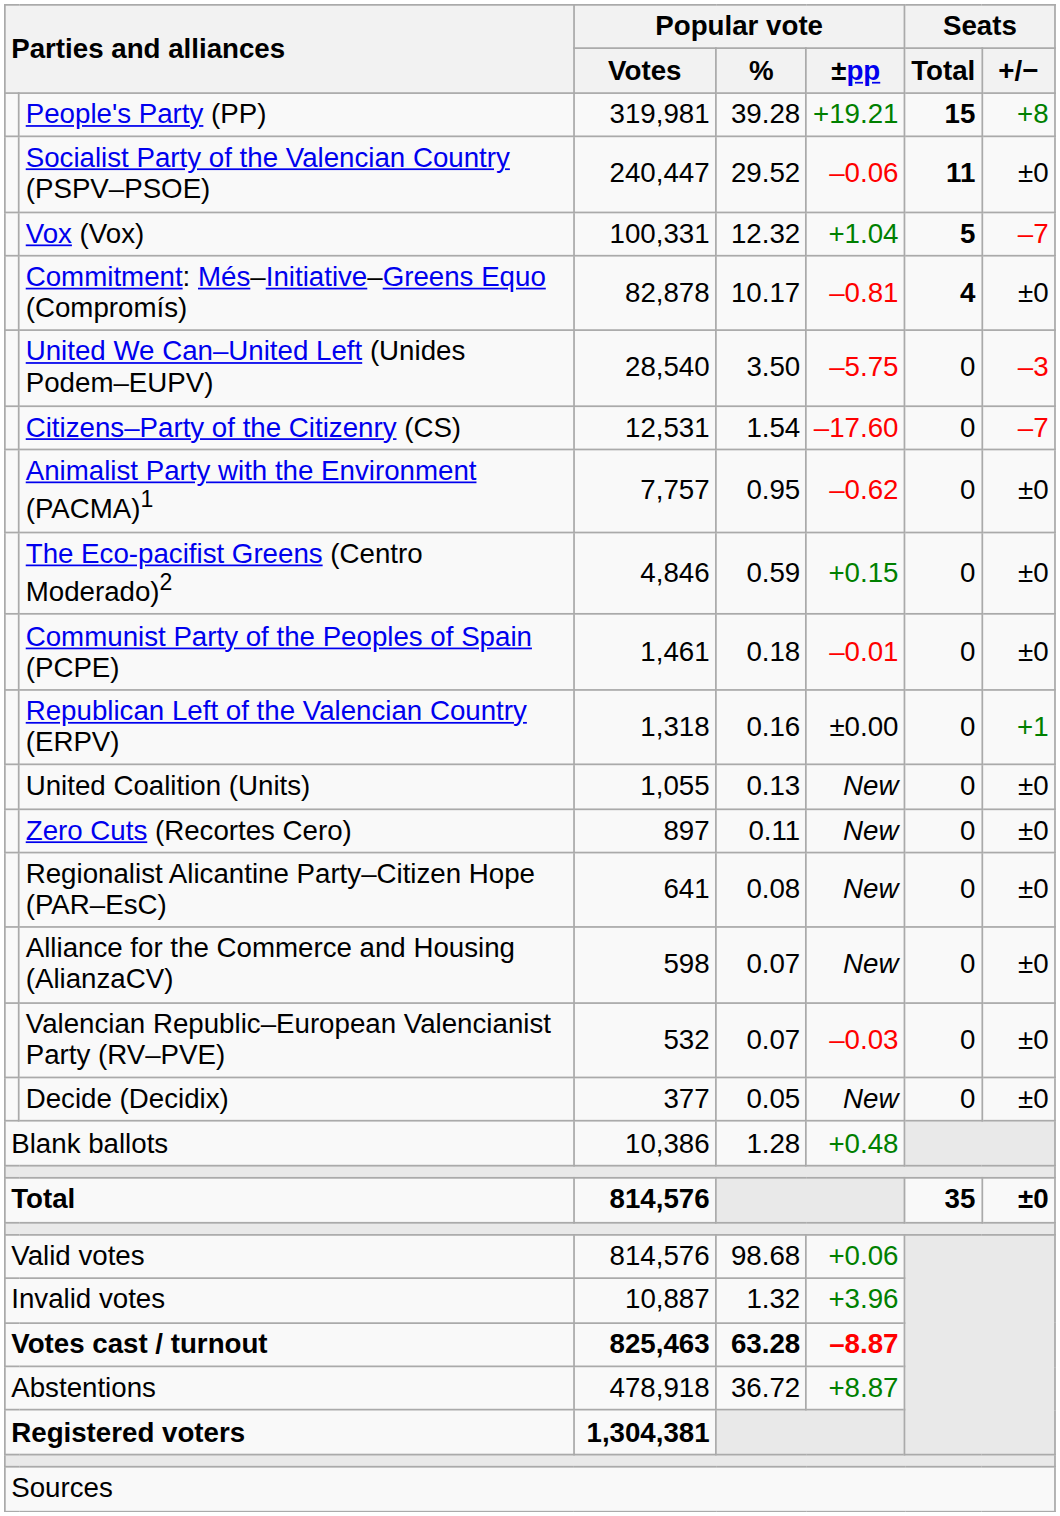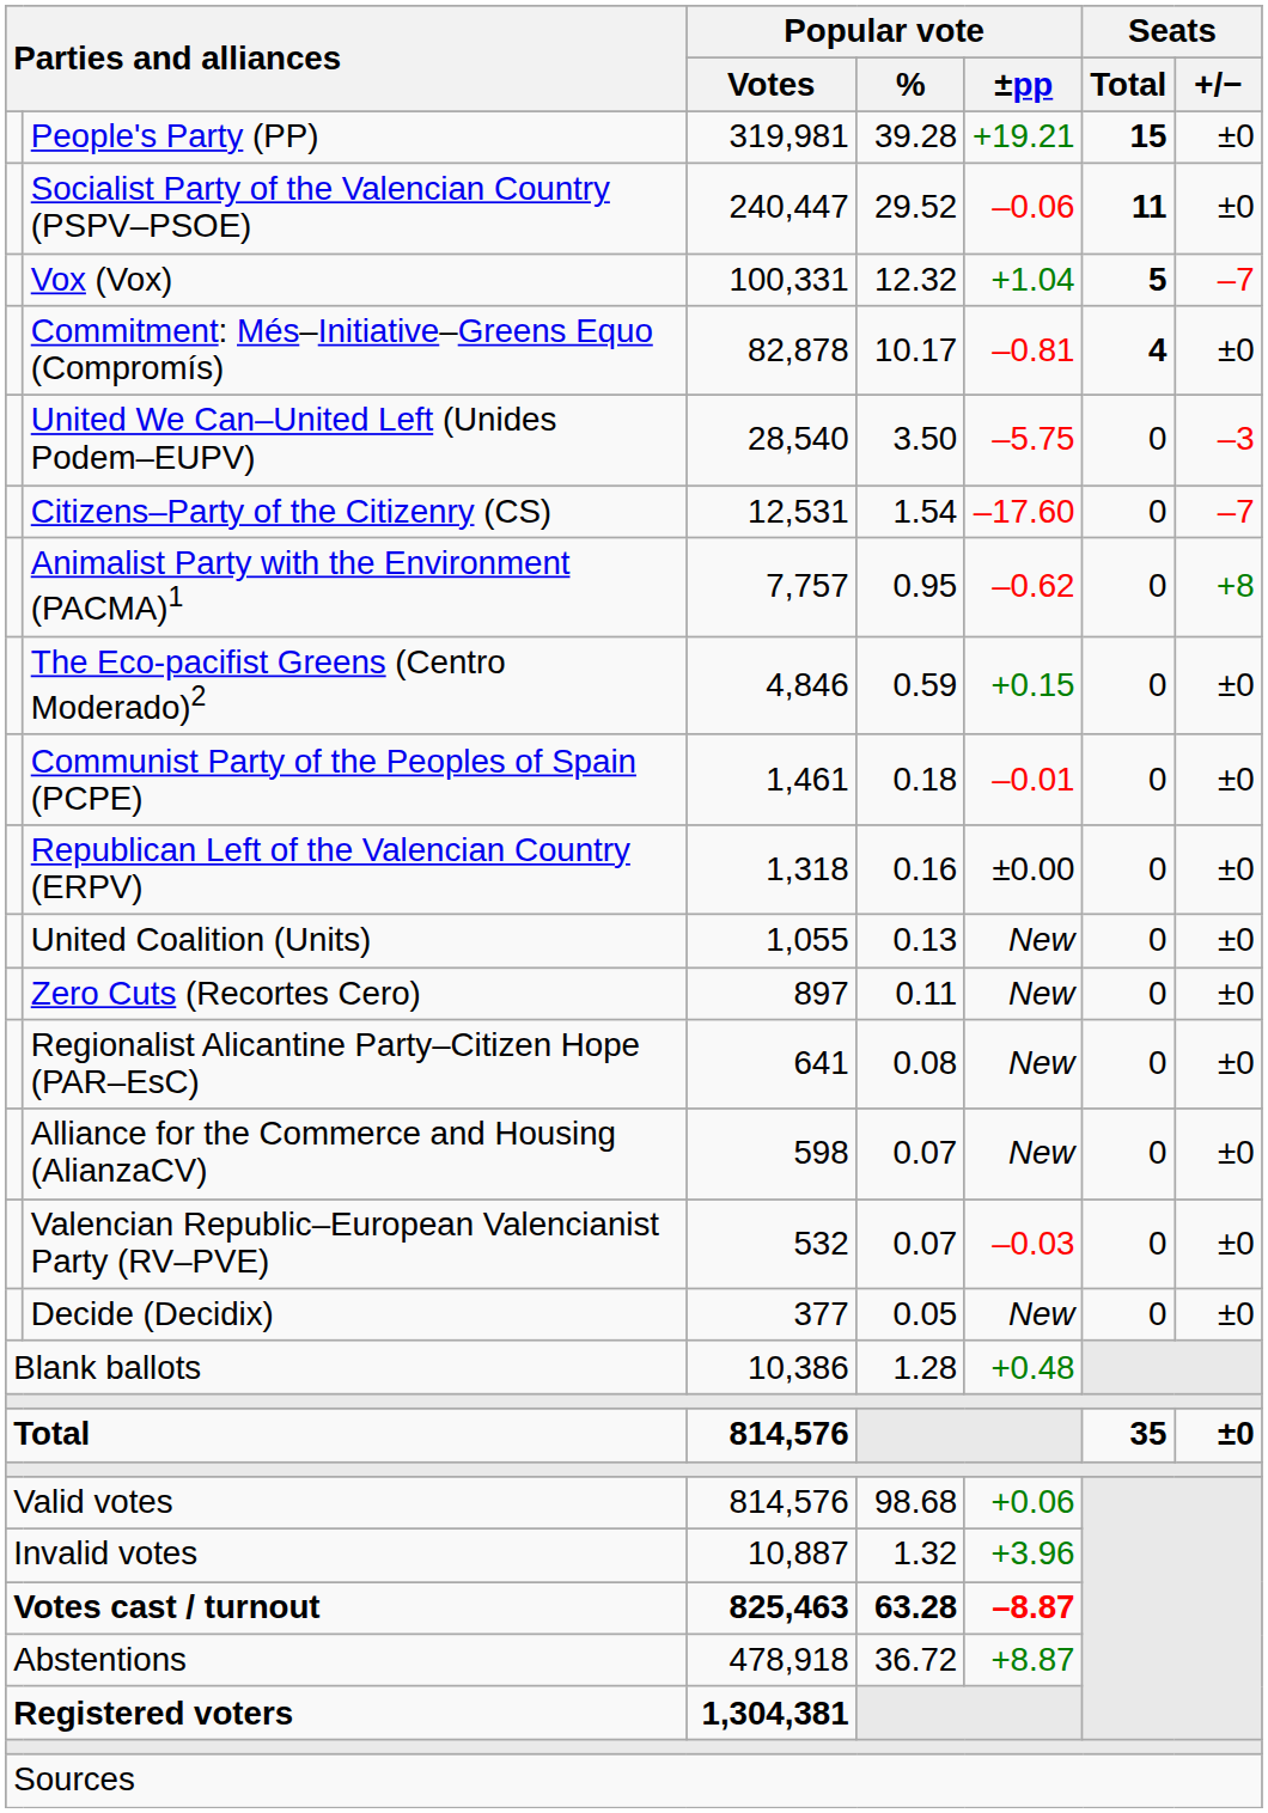 <table class="wikitable" style="text-align:right;">
 <tr>
 <th style="text-align:left;" rowspan="2" colspan="2" width="525">Parties and alliances</th>
 <th colspan="3">Popular vote</th>
 <th colspan="2">Seats</th>
 </tr>
 <tr>
 <th width="75">Votes</th>
 <th width="45">%</th>
 <th width="45">±<a href='#'>pp</a></th>
 <th width="35">Total</th>
 <th width="35">+/−</th>
 </tr>
 <tr>
 <td width="1" style="color:inherit;background:"></td>
 <td align="left"><a href='#'>People's Party</a> (PP)</td>
 <td>319,981</td>
 <td>39.28</td>
 <td style="color:green;">+19.21</td>
 <td><strong>15</strong></td>
-<td style="color:green;">+8</td>
+<td>±0</td>
 </tr>
 <tr>
 <td style="color:inherit;background:"></td>
 <td align="left"><a href='#'>Socialist Party of the Valencian Country</a> (PSPV–PSOE)</td>
 <td>240,447</td>
 <td>29.52</td>
 <td style="color:red;">–0.06</td>
 <td><strong>11</strong></td>
 <td>±0</td>
 </tr>
 <tr>
 <td style="color:inherit;background:"></td>
 <td align="left"><a href='#'>Vox</a> (Vox)</td>
 <td>100,331</td>
 <td>12.32</td>
 <td style="color:green;">+1.04</td>
 <td><strong>5</strong></td>
 <td style="color:red;">–7</td>
 </tr>
 <tr>
 <td style="color:inherit;background:"></td>
 <td align="left"><a href='#'>Commitment</a>: <a href='#'>Més</a>–<a href='#'>Initiative</a>–<a href='#'>Greens Equo</a> (Compromís)</td>
 <td>82,878</td>
 <td>10.17</td>
 <td style="color:red;">–0.81</td>
 <td><strong>4</strong></td>
 <td>±0</td>
 </tr>
 <tr>
 <td style="color:inherit;background:"></td>
 <td align="left"><a href='#'>United We Can–United Left</a> (Unides Podem–EUPV)</td>
 <td>28,540</td>
 <td>3.50</td>
 <td style="color:red;">–5.75</td>
 <td>0</td>
 <td style="color:red;">–3</td>
 </tr>
 <tr>
 <td style="color:inherit;background:"></td>
 <td align="left"><a href='#'>Citizens–Party of the Citizenry</a> (CS)</td>
 <td>12,531</td>
 <td>1.54</td>
 <td style="color:red;">–17.60</td>
 <td>0</td>
 <td style="color:red;">–7</td>
 </tr>
 <tr>
 <td style="color:inherit;background:"></td>
 <td align="left"><a href='#'>Animalist Party with the Environment</a> (PACMA)<sup>1</sup></td>
 <td>7,757</td>
 <td>0.95</td>
 <td style="color:red;">–0.62</td>
 <td>0</td>
-<td>±0</td>
+<td style="color:green;">+8</td>
 </tr>
 <tr>
 <td style="color:inherit;background:"></td>
 <td align="left"><a href='#'>The Eco-pacifist Greens</a> (Centro Moderado)<sup>2</sup></td>
 <td>4,846</td>
 <td>0.59</td>
 <td style="color:green;">+0.15</td>
 <td>0</td>
 <td>±0</td>
 </tr>
 <tr>
 <td style="color:inherit;background:"></td>
 <td align="left"><a href='#'>Communist Party of the Peoples of Spain</a> (PCPE)</td>
 <td>1,461</td>
 <td>0.18</td>
 <td style="color:red;">–0.01</td>
 <td>0</td>
 <td>±0</td>
 </tr>
 <tr>
 <td style="color:inherit;background:"></td>
 <td align="left"><a href='#'>Republican Left of the Valencian Country</a> (ERPV)</td>
 <td>1,318</td>
 <td>0.16</td>
 <td>±0.00</td>
 <td>0</td>
-<td style="color:green;">+1</td>
+<td>±0</td>
 </tr>
 <tr>
 <td style="color:inherit;background:"></td>
 <td align="left">United Coalition (Units)</td>
 <td>1,055</td>
 <td>0.13</td>
 <td><em>New</em></td>
 <td>0</td>
 <td>±0</td>
 </tr>
 <tr>
 <td style="color:inherit;background:"></td>
 <td align="left"><a href='#'>Zero Cuts</a> (Recortes Cero)</td>
 <td>897</td>
 <td>0.11</td>
 <td><em>New</em></td>
 <td>0</td>
 <td>±0</td>
 </tr>
 <tr>
 <td style="color:inherit;background:"></td>
 <td align="left">Regionalist Alicantine Party–Citizen Hope (PAR–EsC)</td>
 <td>641</td>
 <td>0.08</td>
 <td><em>New</em></td>
 <td>0</td>
 <td>±0</td>
 </tr>
 <tr>
 <td style="color:inherit;background:"></td>
 <td align="left">Alliance for the Commerce and Housing (AlianzaCV)</td>
 <td>598</td>
 <td>0.07</td>
 <td><em>New</em></td>
 <td>0</td>
 <td>±0</td>
 </tr>
 <tr>
 <td style="color:inherit;background:"></td>
 <td align="left">Valencian Republic–European Valencianist Party (RV–PVE)</td>
 <td>532</td>
 <td>0.07</td>
 <td style="color:red;">–0.03</td>
 <td>0</td>
 <td>±0</td>
 </tr>
 <tr>
 <td style="color:inherit;background:"></td>
 <td align="left">Decide (Decidix)</td>
 <td>377</td>
 <td>0.05</td>
 <td><em>New</em></td>
 <td>0</td>
 <td>±0</td>
 </tr>
 <tr>
 <td align="left" colspan="2">Blank ballots</td>
 <td>10,386</td>
 <td>1.28</td>
 <td style="color:green;">+0.48</td>
 <td bgcolor="#E9E9E9" colspan="2"></td>
 </tr>
 <tr>
 <td colspan="7" bgcolor="#E9E9E9"></td>
 </tr>
 <tr style="font-weight:bold;">
 <td align="left" colspan="2">Total</td>
 <td>814,576</td>
 <td bgcolor="#E9E9E9" colspan="2"></td>
 <td>35</td>
 <td>±0</td>
 </tr>
 <tr>
 <td colspan="7" bgcolor="#E9E9E9"></td>
 </tr>
 <tr>
 <td align="left" colspan="2">Valid votes</td>
 <td>814,576</td>
 <td>98.68</td>
 <td style="color:green;">+0.06</td>
 <td bgcolor="#E9E9E9" colspan="2" rowspan="5"></td>
 </tr>
 <tr>
 <td align="left" colspan="2">Invalid votes</td>
 <td>10,887</td>
 <td>1.32</td>
 <td style="color:green;">+3.96</td>
 </tr>
 <tr style="font-weight:bold;">
 <td align="left" colspan="2">Votes cast / turnout</td>
 <td>825,463</td>
 <td>63.28</td>
 <td style="color:red;">–8.87</td>
 </tr>
 <tr>
 <td align="left" colspan="2">Abstentions</td>
 <td>478,918</td>
 <td>36.72</td>
 <td style="color:green;">+8.87</td>
 </tr>
 <tr style="font-weight:bold;">
 <td align="left" colspan="2">Registered voters</td>
 <td>1,304,381</td>
 <td bgcolor="#E9E9E9" colspan="2"></td>
 </tr>
 <tr>
 <td colspan="7" bgcolor="#E9E9E9"></td>
 </tr>
 <tr>
 <td align="left" colspan="7">Sources</td>
 </tr>
 </table>
